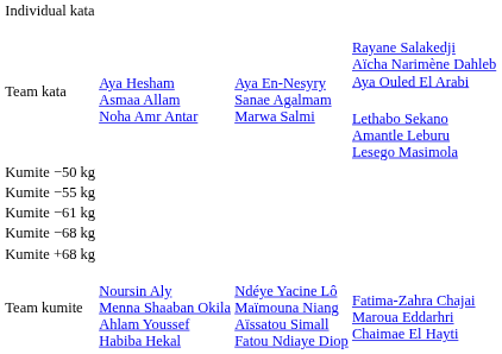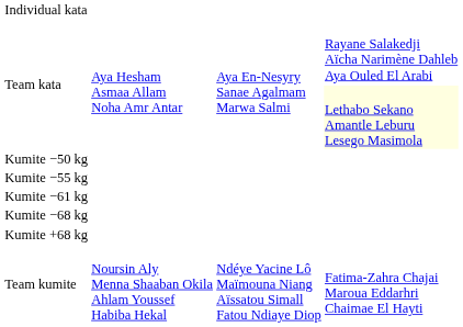 <table>
 <tr>
 <td rowspan=2>Individual kata</td>
 <td rowspan=2></td>
 <td rowspan=2></td>
 <td></td>
 </tr>
 <tr>
 <td></td>
 </tr>
 <tr>
 <td rowspan=2>Team kata</td>
 <td rowspan=2><br><a href='#'>Aya Hesham</a><br><a href='#'>Asmaa Allam</a><br><a href='#'>Noha Amr Antar</a></td>
 <td rowspan=2><br><a href='#'>Aya En-Nesyry</a><br><a href='#'>Sanae Agalmam</a><br><a href='#'>Marwa Salmi</a></td>
 <td><br><a href='#'>Rayane Salakedji</a><br><a href='#'>Aïcha Narimène Dahleb</a><br><a href='#'>Aya Ouled El Arabi</a></td>
 </tr>
 <tr>
-<td><br><a href='#'>Lethabo Sekano</a><br><a href='#'>Amantle Leburu</a><br><a href='#'>Lesego Masimola</a></td>
+<td style="background: lightyellow;"><br><a href='#'>Lethabo Sekano</a><br><a href='#'>Amantle Leburu</a><br><a href='#'>Lesego Masimola</a></td>
 </tr>
 <tr>
 <td rowspan=2>Kumite −50 kg</td>
 <td rowspan=2></td>
 <td rowspan=2></td>
 <td></td>
 </tr>
 <tr>
 <td></td>
 </tr>
 <tr>
 <td rowspan=2>Kumite −55 kg</td>
 <td rowspan=2></td>
 <td rowspan=2></td>
 <td></td>
 </tr>
 <tr>
 <td></td>
 </tr>
 <tr>
 <td rowspan=2>Kumite −61 kg</td>
 <td rowspan=2></td>
 <td rowspan=2></td>
 <td></td>
 </tr>
 <tr>
 <td></td>
 </tr>
 <tr>
 <td rowspan=2>Kumite −68 kg</td>
 <td rowspan=2></td>
 <td rowspan=2></td>
 <td></td>
 </tr>
 <tr>
 <td></td>
 </tr>
 <tr>
 <td rowspan=2>Kumite +68 kg</td>
 <td rowspan=2></td>
 <td rowspan=2></td>
 <td></td>
 </tr>
 <tr>
 <td></td>
 </tr>
 <tr>
 <td rowspan=2>Team kumite</td>
 <td rowspan=2><br><a href='#'>Noursin Aly</a><br><a href='#'>Menna Shaaban Okila</a><br><a href='#'>Ahlam Youssef</a><br><a href='#'>Habiba Hekal</a></td>
 <td rowspan=2><br><a href='#'>Ndéye Yacine Lô</a><br><a href='#'>Maïmouna Niang</a><br><a href='#'>Aïssatou Simall</a><br><a href='#'>Fatou Ndiaye Diop</a></td>
 <td></td>
 </tr>
 <tr>
 <td><br><a href='#'>Fatima-Zahra Chajai</a><br><a href='#'>Maroua Eddarhri</a><br><a href='#'>Chaimae El Hayti</a></td>
 </tr>
 </table>
